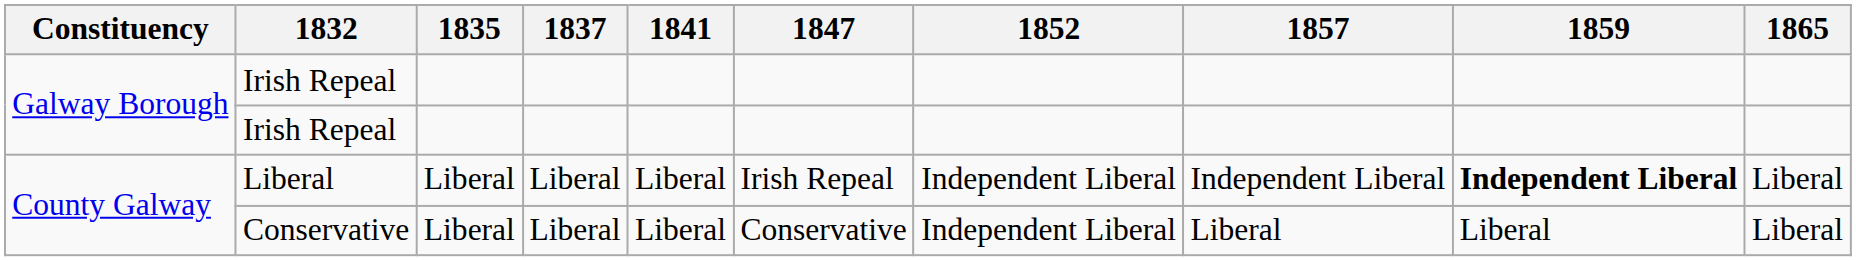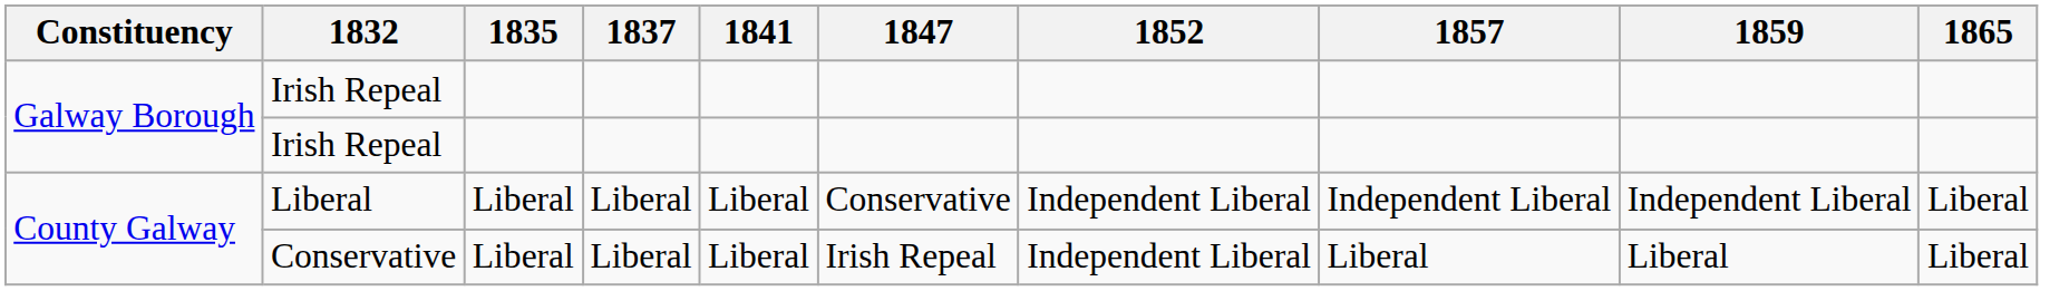 <table class=wikitable sortable>
 <tr>
 <th>Constituency</th>
 <th>1832</th>
 <th>1835</th>
 <th>1837</th>
 <th>1841</th>
 <th>1847</th>
 <th>1852</th>
 <th>1857</th>
 <th>1859</th>
 <th>1865</th>
 </tr>
 <tr>
 <td rowspan=2><a href='#'>Galway Borough</a></td>
 <td bgcolor=>Irish Repeal</td>
 <td></td>
 <td></td>
 <td></td>
 <td></td>
 <td></td>
 <td></td>
 <td></td>
 <td></td>
 </tr>
 <tr>
 <td bgcolor=>Irish Repeal</td>
 <td></td>
 <td></td>
 <td></td>
 <td></td>
 <td></td>
 <td></td>
 <td></td>
 <td></td>
 </tr>
 <tr>
 <td rowspan=2><a href='#'>County Galway</a></td>
 <td bgcolor=>Liberal</td>
 <td bgcolor=>Liberal</td>
 <td bgcolor=>Liberal</td>
 <td bgcolor=>Liberal</td>
-<td bgcolor=>Irish Repeal</td>
+<td bgcolor=>Conservative</td>
 <td bgcolor=>Independent Liberal</td>
 <td bgcolor=>Independent Liberal</td>
-<td bgcolor=><strong>Independent Liberal</strong></td>
+<td bgcolor=>Independent Liberal</td>
 <td bgcolor=>Liberal</td>
 </tr>
 <tr>
 <td bgcolor=>Conservative</td>
 <td bgcolor=>Liberal</td>
 <td bgcolor=>Liberal</td>
 <td bgcolor=>Liberal</td>
-<td bgcolor=>Conservative</td>
+<td bgcolor=>Irish Repeal</td>
 <td bgcolor=>Independent Liberal</td>
 <td bgcolor=>Liberal</td>
 <td bgcolor=>Liberal</td>
 <td bgcolor=>Liberal</td>
 </tr>
 </table>
